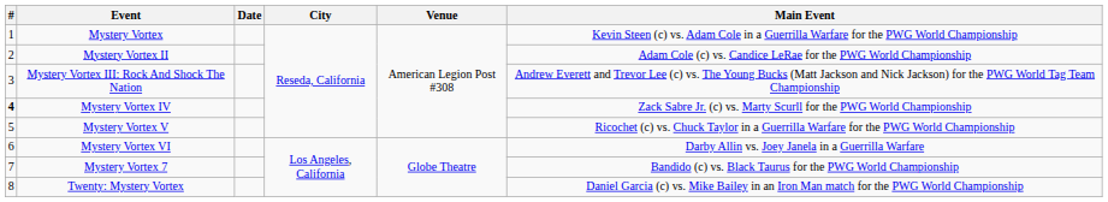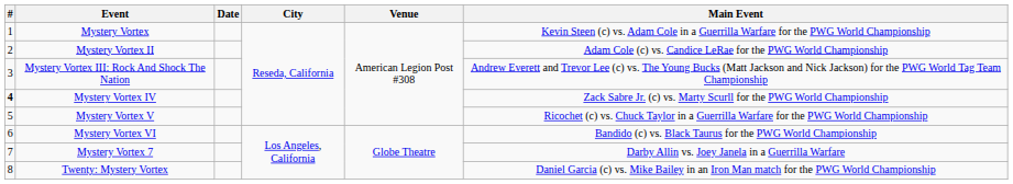 <table class="sortable wikitable succession-box" style="font-size:85%; text-align:center;">
 <tr>
 <th>#</th>
 <th>Event</th>
 <th>Date</th>
 <th>City</th>
 <th>Venue</th>
 <th>Main Event</th>
 </tr>
 <tr>
 <td>1</td>
 <td><a href='#'>Mystery Vortex</a></td>
 <td></td>
 <td rowspan="5"><a href='#'>Reseda, California</a></td>
 <td rowspan="5">American Legion Post #308</td>
 <td><a href='#'>Kevin Steen</a> (c) vs. <a href='#'>Adam Cole</a> in a <a href='#'>Guerrilla Warfare</a> for the <a href='#'>PWG World Championship</a></td>
 </tr>
 <tr>
 <td>2</td>
 <td><a href='#'>Mystery Vortex II</a></td>
 <td></td>
 <td><a href='#'>Adam Cole</a> (c) vs. <a href='#'>Candice LeRae</a> for the <a href='#'>PWG World Championship</a></td>
 </tr>
 <tr>
 <td>3</td>
 <td><a href='#'>Mystery Vortex III: Rock And Shock The Nation</a></td>
 <td></td>
 <td><a href='#'>Andrew Everett</a> and <a href='#'>Trevor Lee</a> (c) vs. <a href='#'>The Young Bucks</a> (Matt Jackson and Nick Jackson) for the <a href='#'>PWG World Tag Team Championship</a></td>
 </tr>
 <tr>
 <td><strong>4</strong></td>
 <td><a href='#'>Mystery Vortex IV</a></td>
 <td></td>
 <td><a href='#'>Zack Sabre Jr.</a> (c) vs. <a href='#'>Marty Scurll</a> for the <a href='#'>PWG World Championship</a></td>
 </tr>
 <tr>
 <td>5</td>
 <td><a href='#'>Mystery Vortex V</a></td>
 <td></td>
 <td><a href='#'>Ricochet</a> (c) vs. <a href='#'>Chuck Taylor</a> in a <a href='#'>Guerrilla Warfare</a> for the <a href='#'>PWG World Championship</a></td>
 </tr>
 <tr>
 <td>6</td>
 <td><a href='#'>Mystery Vortex VI</a></td>
 <td></td>
 <td rowspan="3"><a href='#'>Los Angeles</a>, <a href='#'>California</a></td>
 <td rowspan="3"><a href='#'>Globe Theatre</a></td>
-<td><a href='#'>Darby Allin</a> vs. <a href='#'>Joey Janela</a> in a <a href='#'>Guerrilla Warfare</a></td>
+<td><a href='#'>Bandido</a> (c) vs. <a href='#'>Black Taurus</a> for the <a href='#'>PWG World Championship</a></td>
 </tr>
 <tr>
 <td>7</td>
 <td><a href='#'>Mystery Vortex 7</a></td>
 <td></td>
-<td><a href='#'>Bandido</a> (c) vs. <a href='#'>Black Taurus</a> for the <a href='#'>PWG World Championship</a></td>
+<td><a href='#'>Darby Allin</a> vs. <a href='#'>Joey Janela</a> in a <a href='#'>Guerrilla Warfare</a></td>
 </tr>
 <tr>
 <td>8</td>
 <td><a href='#'>Twenty: Mystery Vortex</a></td>
 <td></td>
 <td><a href='#'>Daniel Garcia</a> (c) vs. <a href='#'>Mike Bailey</a> in an <a href='#'>Iron Man match</a> for the <a href='#'>PWG World Championship</a></td>
 </tr>
 </table>
